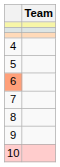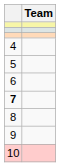 <table class="wikitable" style="text-align:center">
 <tr>
 <th width=15></th>
 <th>Team</th>
 </tr>
 <tr bgcolor="#F7F6A8">
 <td align="center"></td>
 <td align=left></td>
 </tr>
 <tr bgcolor="#DCE5E5">
 <td align="center"></td>
 <td align=left></td>
 </tr>
 <tr bgcolor="#FFDAB9">
 <td align="center"></td>
 <td align=left></td>
 </tr>
 <tr>
 <td>4</td>
 <td align=left></td>
 </tr>
 <tr>
 <td>5</td>
 <td align=left></td>
 </tr>
 <tr>
-<td style="background: lightsalmon;">6</td>
+<td>6</td>
 <td align=left></td>
 </tr>
 <tr>
-<td>7</td>
+<td><strong>7</strong></td>
 <td align=left></td>
 </tr>
 <tr>
 <td>8</td>
 <td align=left></td>
 </tr>
 <tr align=center>
 <td>9</td>
 <td align=left></td>
 </tr>
 <tr align=center bgcolor="#ffcccc">
 <td>10</td>
 <td align=left></td>
 </tr>
 </table>
